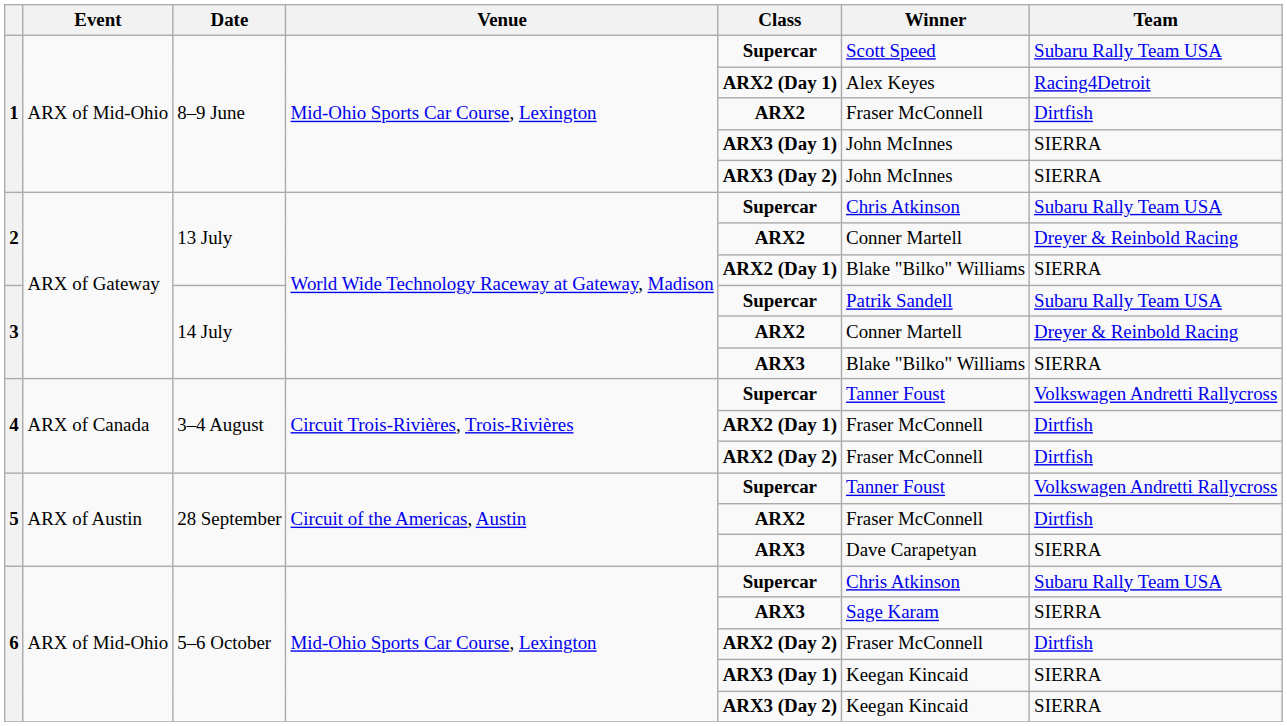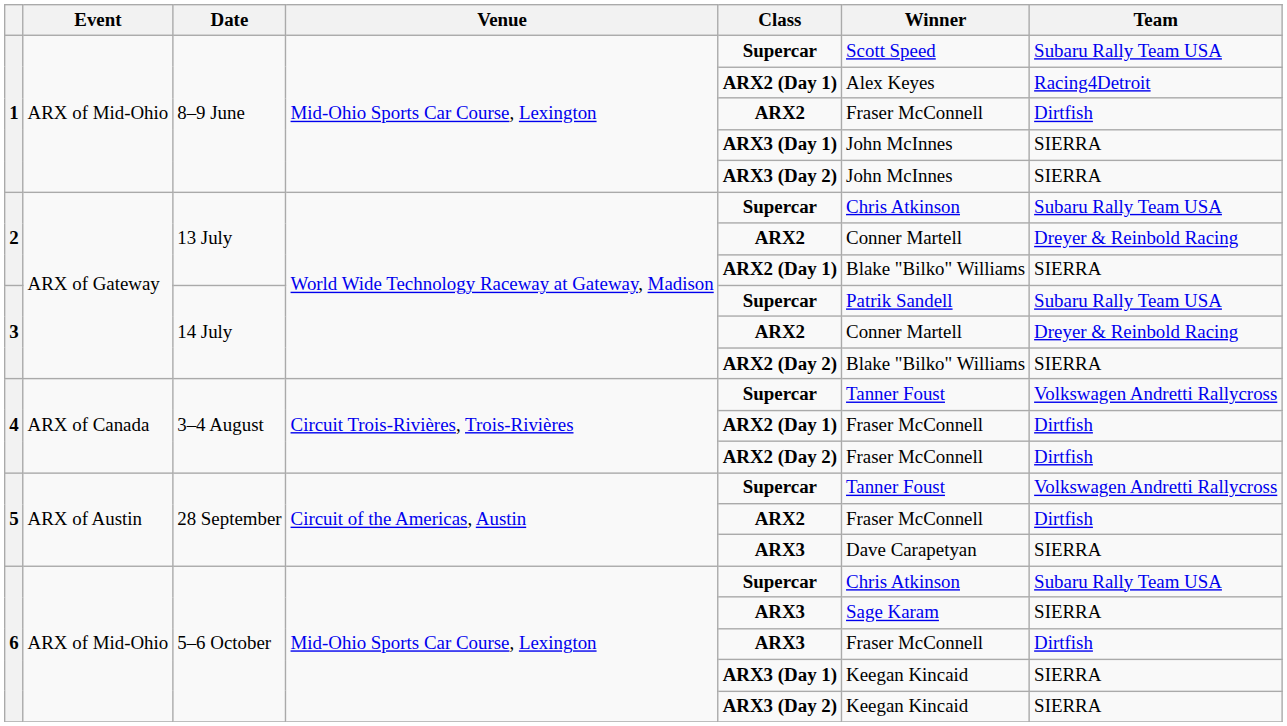 <table class="wikitable" style="font-size:85%;">
 <tr>
 <th></th>
 <th>Event</th>
 <th>Date</th>
 <th>Venue</th>
 <th>Class</th>
 <th>Winner</th>
 <th>Team</th>
 </tr>
 <tr>
 <th rowspan=5>1</th>
 <td rowspan=5> ARX of Mid-Ohio</td>
 <td rowspan=5>8–9 June</td>
 <td rowspan=5><a href='#'>Mid-Ohio Sports Car Course</a>, <a href='#'>Lexington</a></td>
 <td align=center><strong><span>Supercar</span></strong></td>
 <td> <a href='#'>Scott Speed</a></td>
 <td> <a href='#'>Subaru Rally Team USA</a></td>
 </tr>
 <tr>
 <td align=center><strong><span>ARX2 (Day 1)</span></strong></td>
 <td> Alex Keyes</td>
 <td> <a href='#'>Racing4Detroit</a></td>
 </tr>
 <tr>
 <td align=center><strong><span>ARX2</span></strong></td>
 <td> Fraser McConnell</td>
 <td> <a href='#'>Dirtfish</a></td>
 </tr>
 <tr>
 <td align=center><strong><span>ARX3 (Day 1)</span></strong></td>
 <td> John McInnes</td>
 <td> SIERRA</td>
 </tr>
 <tr>
 <td align=center><strong><span>ARX3 (Day 2)</span></strong></td>
 <td> John McInnes</td>
 <td> SIERRA</td>
 </tr>
 <tr>
 <th rowspan=3>2</th>
 <td rowspan=6> ARX of Gateway</td>
 <td rowspan=3>13 July</td>
 <td rowspan=6><a href='#'>World Wide Technology Raceway at Gateway</a>, <a href='#'>Madison</a></td>
 <td align=center><strong><span>Supercar</span></strong></td>
 <td> <a href='#'>Chris Atkinson</a></td>
 <td> <a href='#'>Subaru Rally Team USA</a></td>
 </tr>
 <tr>
 <td align=center><strong><span>ARX2</span></strong></td>
 <td> Conner Martell</td>
 <td> <a href='#'>Dreyer & Reinbold Racing</a></td>
 </tr>
 <tr>
 <td align=center><strong><span>ARX2 (Day 1)</span></strong></td>
 <td> Blake "Bilko" Williams</td>
 <td> SIERRA</td>
 </tr>
 <tr>
 <th rowspan=3>3</th>
 <td rowspan=3>14 July</td>
 <td align=center><strong><span>Supercar</span></strong></td>
 <td> <a href='#'>Patrik Sandell</a></td>
 <td> <a href='#'>Subaru Rally Team USA</a></td>
 </tr>
 <tr>
 <td align=center><strong><span>ARX2</span></strong></td>
 <td> Conner Martell</td>
 <td> <a href='#'>Dreyer & Reinbold Racing</a></td>
 </tr>
 <tr>
-<td align=center><strong><span>ARX3</span></strong></td>
+<td align=center><strong><span>ARX2 (Day 2)</span></strong></td>
 <td> Blake "Bilko" Williams</td>
 <td> SIERRA</td>
 </tr>
 <tr>
 <th rowspan=3>4</th>
 <td rowspan=3> ARX of Canada</td>
 <td rowspan=3>3–4 August</td>
 <td rowspan=3><a href='#'>Circuit Trois-Rivières</a>, <a href='#'>Trois-Rivières</a></td>
 <td align=center><strong><span>Supercar</span></strong></td>
 <td> <a href='#'>Tanner Foust</a></td>
 <td> <a href='#'>Volkswagen Andretti Rallycross</a></td>
 </tr>
 <tr>
 <td align=center><strong><span>ARX2 (Day 1)</span></strong></td>
 <td> Fraser McConnell</td>
 <td> <a href='#'>Dirtfish</a></td>
 </tr>
 <tr>
 <td align=center><strong><span>ARX2 (Day 2)</span></strong></td>
 <td> Fraser McConnell</td>
 <td> <a href='#'>Dirtfish</a></td>
 </tr>
 <tr>
 <th rowspan=3>5</th>
 <td rowspan=3> ARX of Austin</td>
 <td rowspan=3>28 September</td>
 <td rowspan=3><a href='#'>Circuit of the Americas</a>, <a href='#'>Austin</a></td>
 <td align=center><strong><span>Supercar</span></strong></td>
 <td> <a href='#'>Tanner Foust</a></td>
 <td> <a href='#'>Volkswagen Andretti Rallycross</a></td>
 </tr>
 <tr>
 <td align=center><strong><span>ARX2</span></strong></td>
 <td> Fraser McConnell</td>
 <td> <a href='#'>Dirtfish</a></td>
 </tr>
 <tr>
 <td align=center><strong><span>ARX3</span></strong></td>
 <td> Dave Carapetyan</td>
 <td> SIERRA</td>
 </tr>
 <tr>
 <th rowspan=5>6</th>
 <td rowspan=5> ARX of Mid-Ohio</td>
 <td rowspan=5>5–6 October</td>
 <td rowspan=5><a href='#'>Mid-Ohio Sports Car Course</a>, <a href='#'>Lexington</a></td>
 <td align=center><strong><span>Supercar</span></strong></td>
 <td> <a href='#'>Chris Atkinson</a></td>
 <td> <a href='#'>Subaru Rally Team USA</a></td>
 </tr>
 <tr>
 <td align=center><strong><span>ARX3</span></strong></td>
 <td> <a href='#'>Sage Karam</a></td>
 <td> SIERRA</td>
 </tr>
 <tr>
-<td align=center><strong><span>ARX2 (Day 2)</span></strong></td>
+<td align=center><strong><span>ARX3</span></strong></td>
 <td> Fraser McConnell</td>
 <td> <a href='#'>Dirtfish</a></td>
 </tr>
 <tr>
 <td align=center><strong><span>ARX3 (Day 1)</span></strong></td>
 <td> Keegan Kincaid</td>
 <td> SIERRA</td>
 </tr>
 <tr>
 <td align=center><strong><span>ARX3 (Day 2)</span></strong></td>
 <td> Keegan Kincaid</td>
 <td> SIERRA</td>
 </tr>
 </table>
